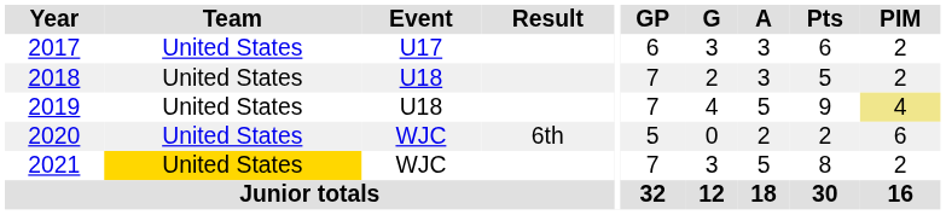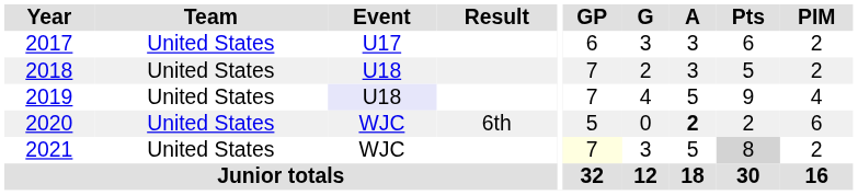 <table border="0" cellpadding="1" cellspacing="0" ID="Table3" style="text-align:center; width:40em;">
 <tr bgcolor="#e0e0e0">
 <th>Year</th>
 <th>Team</th>
 <th>Event</th>
 <th>Result</th>
 <th rowspan="99" bgcolor="#ffffff"></th>
 <th>GP</th>
 <th>G</th>
 <th>A</th>
 <th>Pts</th>
 <th>PIM</th>
 </tr>
 <tr>
 <td><a href='#'>2017</a></td>
 <td><a href='#'>United States</a></td>
 <td><a href='#'>U17</a></td>
 <td></td>
 <td>6</td>
 <td>3</td>
 <td>3</td>
 <td>6</td>
 <td>2</td>
 </tr>
 <tr bgcolor="#f0f0f0">
 <td><a href='#'>2018</a></td>
 <td>United States</td>
 <td><a href='#'>U18</a></td>
 <td></td>
 <td>7</td>
 <td>2</td>
 <td>3</td>
 <td>5</td>
 <td>2</td>
 </tr>
 <tr>
 <td><a href='#'>2019</a></td>
 <td>United States</td>
-<td>U18</td>
+<td style="background: lavender;">U18</td>
 <td></td>
 <td>7</td>
 <td>4</td>
 <td>5</td>
 <td>9</td>
-<td style="background: khaki;">4</td>
+<td>4</td>
 </tr>
 <tr bgcolor="#f0f0f0">
 <td><a href='#'>2020</a></td>
 <td><a href='#'>United States</a></td>
 <td><a href='#'>WJC</a></td>
 <td>6th</td>
 <td>5</td>
 <td>0</td>
-<td>2</td>
+<td><strong>2</strong></td>
 <td>2</td>
 <td>6</td>
 </tr>
 <tr>
 <td><a href='#'>2021</a></td>
-<td style="background: gold;">United States</td>
+<td>United States</td>
 <td>WJC</td>
 <td></td>
-<td>7</td>
+<td style="background: lightyellow;">7</td>
 <td>3</td>
 <td>5</td>
-<td>8</td>
+<td style="background: lightgrey;">8</td>
 <td>2</td>
 </tr>
 <tr bgcolor="#e0e0e0">
 <th colspan="4">Junior totals</th>
 <th>32</th>
 <th>12</th>
 <th>18</th>
 <th>30</th>
 <th>16</th>
 </tr>
 </table>
